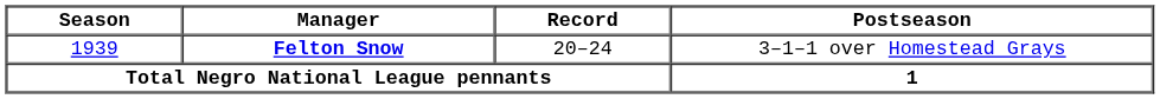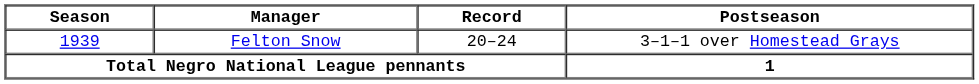 <table cellpadding="1" border="1" cellspacing="0" style="width:60%;">
 <tr>
 <th>Season</th>
 <th>Manager</th>
 <th>Record</th>
 <th>Postseason</th>
 </tr>
 <tr style="text-align:center;">
 <td><a href='#'>1939</a></td>
-<td><strong><a href='#'>Felton Snow</a></strong></td>
+<td><a href='#'>Felton Snow</a></td>
 <td>20–24</td>
 <td>3–1–1 over <a href='#'>Homestead Grays</a></td>
 </tr>
 <tr style="text-align:center; ">
 <td colspan="3"><strong>Total Negro National League pennants</strong></td>
 <td colspan="1"><strong>1</strong></td>
 </tr>
 </table>
